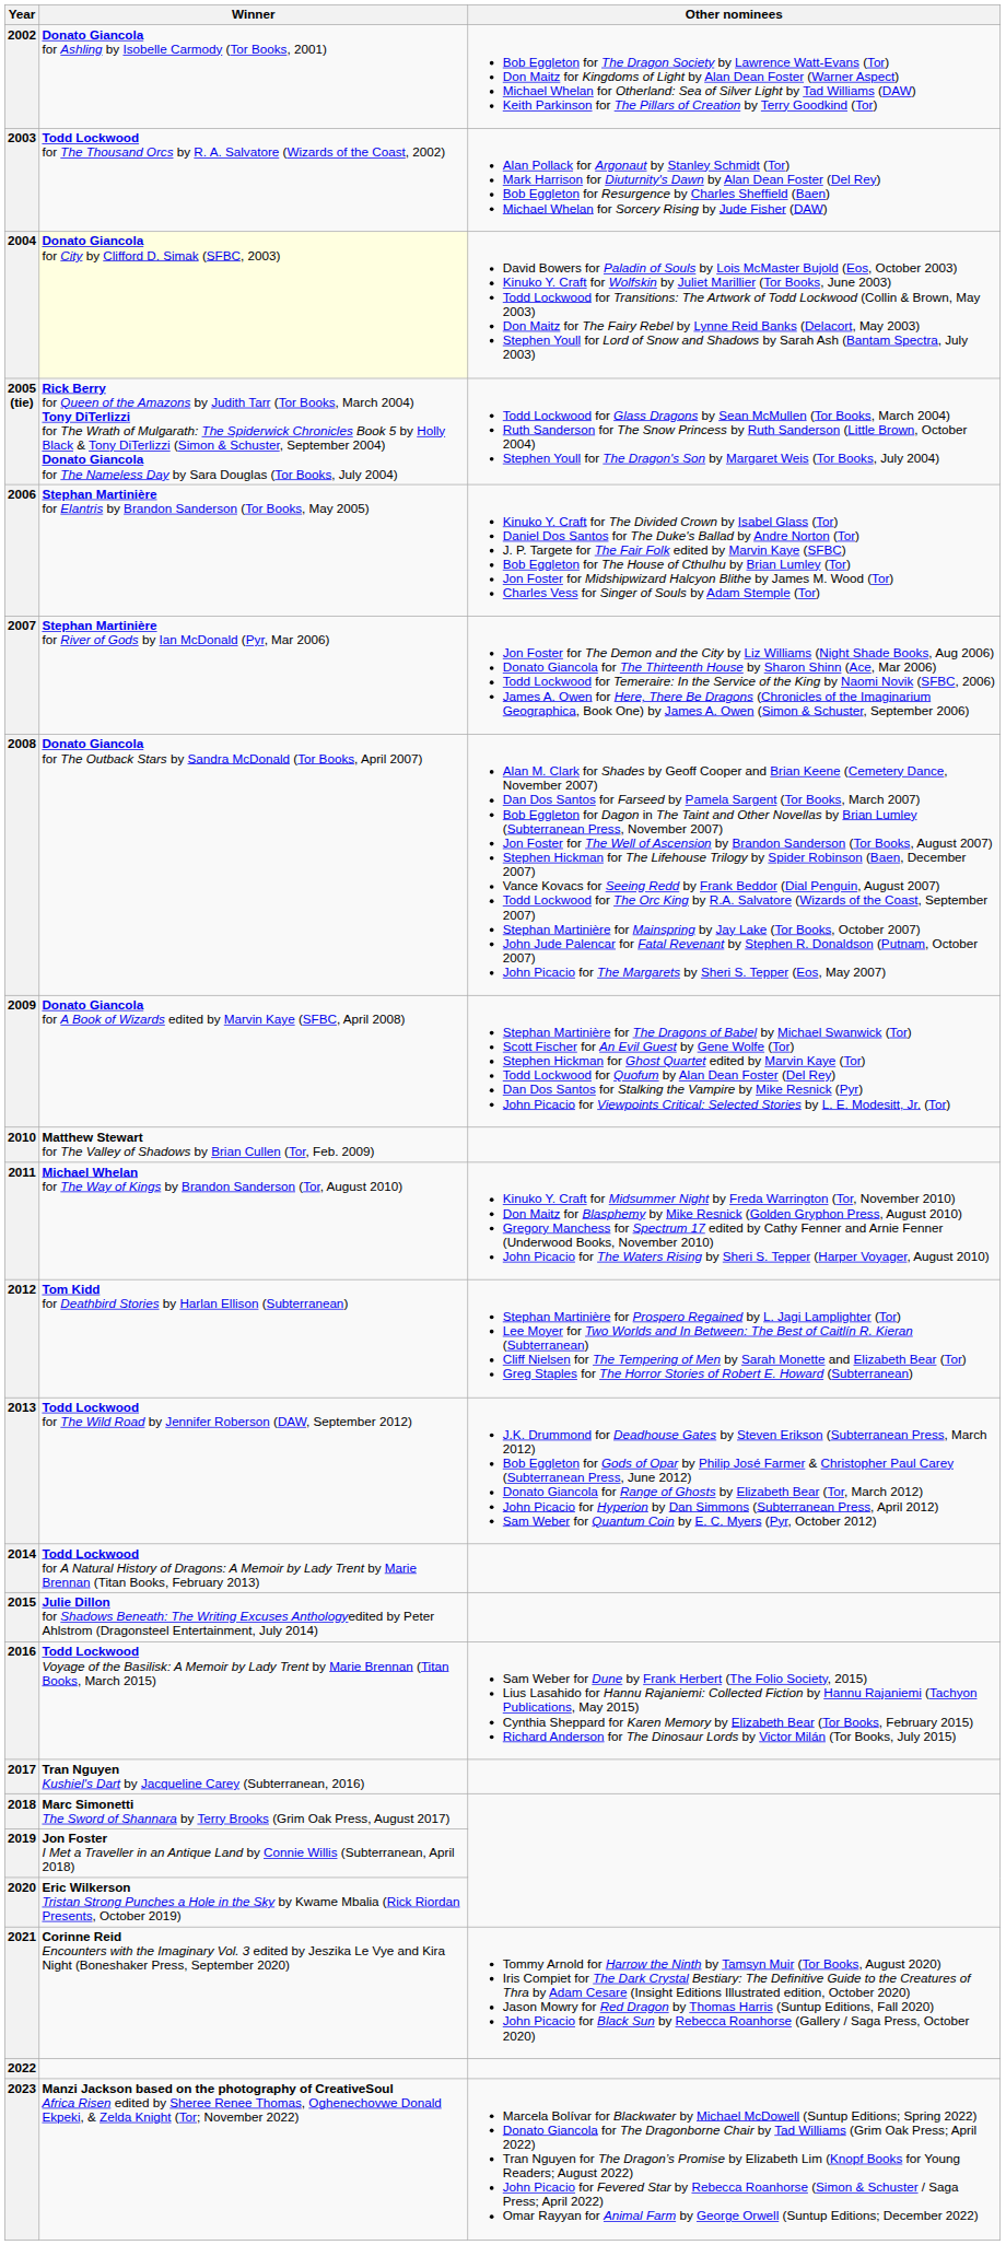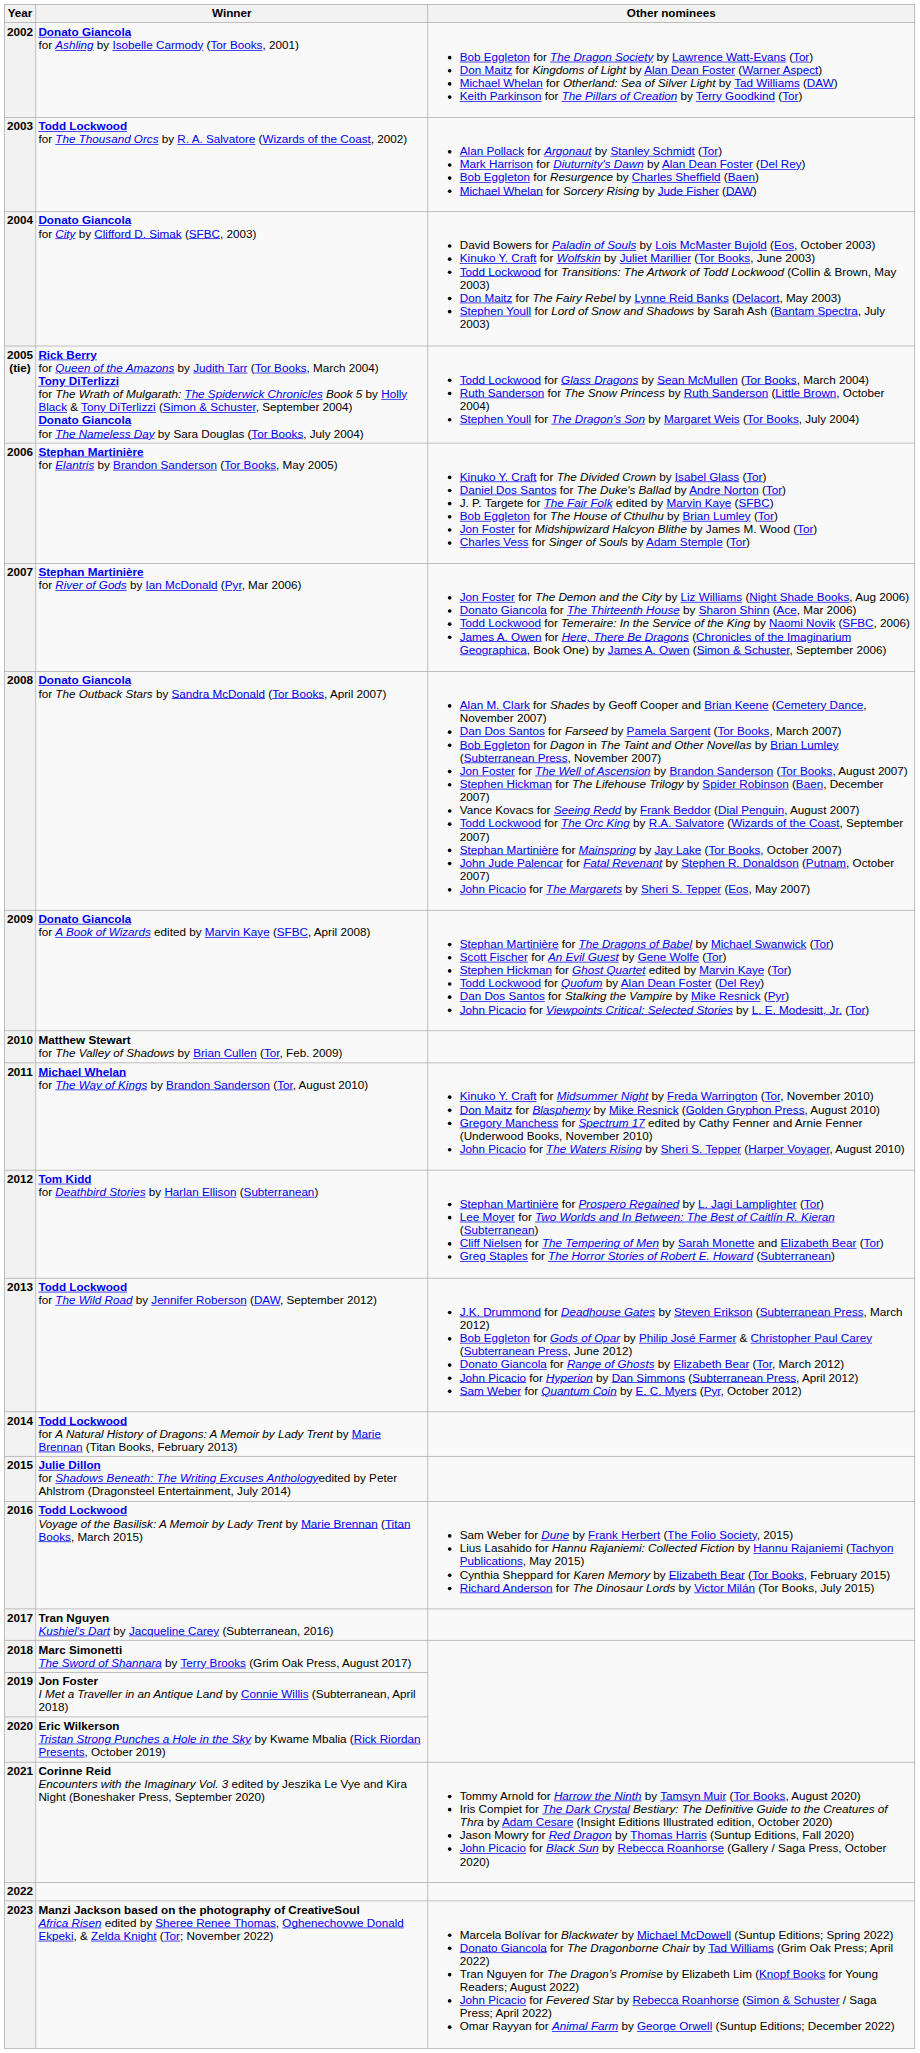 <table class="wikitable">
 <tr>
 <th>Year</th>
 <th>Winner</th>
 <th>Other nominees</th>
 </tr>
 <tr style="vertical-align:top;">
 <th>2002</th>
 <td><strong><a href='#'>Donato Giancola</a></strong> <br> for <em><a href='#'>Ashling</a></em> by <a href='#'>Isobelle Carmody</a> (<a href='#'>Tor Books</a>, 2001)</td>
 <td><br><ul><li><a href='#'>Bob Eggleton</a> for <em><a href='#'>The Dragon Society</a></em> by <a href='#'>Lawrence Watt-Evans</a> (<a href='#'>Tor</a>)</li><li><a href='#'>Don Maitz</a> for <em>Kingdoms of Light</em> by <a href='#'>Alan Dean Foster</a> (<a href='#'>Warner Aspect</a>)</li><li><a href='#'>Michael Whelan</a> for <em>Otherland: Sea of Silver Light</em> by <a href='#'>Tad Williams</a> (<a href='#'>DAW</a>)</li><li><a href='#'>Keith Parkinson</a> for <em><a href='#'>The Pillars of Creation</a></em> by <a href='#'>Terry Goodkind</a> (<a href='#'>Tor</a>)</li></ul></td>
 </tr>
 <tr style="vertical-align:top;">
 <th>2003</th>
 <td><strong><a href='#'>Todd Lockwood</a></strong> <br> for <em><a href='#'>The Thousand Orcs</a></em> by <a href='#'>R. A. Salvatore</a> (<a href='#'>Wizards of the Coast</a>, 2002)</td>
 <td><br><ul><li><a href='#'>Alan Pollack</a> for <em><a href='#'>Argonaut</a></em> by <a href='#'>Stanley Schmidt</a> (<a href='#'>Tor</a>)</li><li><a href='#'>Mark Harrison</a> for <em><a href='#'>Diuturnity's Dawn</a></em> by <a href='#'>Alan Dean Foster</a> (<a href='#'>Del Rey</a>)</li><li><a href='#'>Bob Eggleton</a> for <em>Resurgence</em> by <a href='#'>Charles Sheffield</a> (<a href='#'>Baen</a>)</li><li><a href='#'>Michael Whelan</a> for <em>Sorcery Rising</em> by <a href='#'>Jude Fisher</a> (<a href='#'>DAW</a>)</li></ul></td>
 </tr>
 <tr style="vertical-align:top;">
 <th>2004</th>
-<td style="background: lightyellow;"><strong><a href='#'>Donato Giancola</a></strong> <br> for <em><a href='#'>City</a></em> by <a href='#'>Clifford D. Simak</a> (<a href='#'>SFBC</a>, 2003)</td>
+<td><strong><a href='#'>Donato Giancola</a></strong> <br> for <em><a href='#'>City</a></em> by <a href='#'>Clifford D. Simak</a> (<a href='#'>SFBC</a>, 2003)</td>
 <td><br><ul><li>David Bowers for <em><a href='#'>Paladin of Souls</a></em> by <a href='#'>Lois McMaster Bujold</a> (<a href='#'>Eos</a>, October 2003)</li><li><a href='#'>Kinuko Y. Craft</a> for <em><a href='#'>Wolfskin</a></em> by <a href='#'>Juliet Marillier</a> (<a href='#'>Tor Books</a>, June 2003)</li><li><a href='#'>Todd Lockwood</a> for <em>Transitions: The Artwork of Todd Lockwood</em> (Collin & Brown, May 2003)</li><li><a href='#'>Don Maitz</a> for <em>The Fairy Rebel</em> by <a href='#'>Lynne Reid Banks</a> (<a href='#'>Delacort</a>, May 2003)</li><li><a href='#'>Stephen Youll</a> for <em>Lord of Snow and Shadows</em> by Sarah Ash (<a href='#'>Bantam Spectra</a>, July 2003)</li></ul></td>
 </tr>
 <tr style="vertical-align:top;">
 <th>2005<br>(tie)</th>
 <td><strong><a href='#'>Rick Berry</a></strong> <br> for <em><a href='#'>Queen of the Amazons</a></em> by <a href='#'>Judith Tarr</a> (<a href='#'>Tor Books</a>, March 2004) <br> <strong><a href='#'>Tony DiTerlizzi</a></strong> <br> for <em>The Wrath of Mulgarath: <a href='#'>The Spiderwick Chronicles</a> Book 5</em> by <a href='#'>Holly Black</a> & <a href='#'>Tony DiTerlizzi</a> (<a href='#'>Simon & Schuster</a>, September 2004) <br> <strong><a href='#'>Donato Giancola</a></strong> <br> for <em><a href='#'>The Nameless Day</a></em> by Sara Douglas (<a href='#'>Tor Books</a>, July 2004)</td>
 <td><br><ul><li><a href='#'>Todd Lockwood</a> for <em><a href='#'>Glass Dragons</a></em> by <a href='#'>Sean McMullen</a> (<a href='#'>Tor Books</a>, March 2004)</li><li><a href='#'>Ruth Sanderson</a> for <em>The Snow Princess</em> by <a href='#'>Ruth Sanderson</a> (<a href='#'>Little Brown</a>, October 2004)</li><li><a href='#'>Stephen Youll</a> for <em><a href='#'>The Dragon's Son</a></em> by <a href='#'>Margaret Weis</a> (<a href='#'>Tor Books</a>, July 2004)</li></ul></td>
 </tr>
 <tr style="vertical-align:top;">
 <th>2006</th>
 <td><strong><a href='#'>Stephan Martinière</a></strong> <br> for <em><a href='#'>Elantris</a></em> by <a href='#'>Brandon Sanderson</a> (<a href='#'>Tor Books</a>, May 2005)</td>
 <td><br><ul><li><a href='#'>Kinuko Y. Craft</a> for <em>The Divided Crown</em> by <a href='#'>Isabel Glass</a> (<a href='#'>Tor</a>)</li><li><a href='#'>Daniel Dos Santos</a> for <em>The Duke's Ballad</em> by <a href='#'>Andre Norton</a> (<a href='#'>Tor</a>)</li><li>J. P. Targete for <em><a href='#'>The Fair Folk</a></em> edited by <a href='#'>Marvin Kaye</a> (<a href='#'>SFBC</a>)</li><li><a href='#'>Bob Eggleton</a> for <em>The House of Cthulhu</em> by <a href='#'>Brian Lumley</a> (<a href='#'>Tor</a>)</li><li><a href='#'>Jon Foster</a> for <em>Midshipwizard Halcyon Blithe</em> by James M. Wood (<a href='#'>Tor</a>)</li><li><a href='#'>Charles Vess</a> for <em>Singer of Souls</em> by <a href='#'>Adam Stemple</a> (<a href='#'>Tor</a>)</li></ul></td>
 </tr>
 <tr style="vertical-align:top;">
 <th>2007</th>
 <td><strong><a href='#'>Stephan Martinière</a></strong><br>for <em><a href='#'>River of Gods</a></em> by <a href='#'>Ian McDonald</a> (<a href='#'>Pyr</a>, Mar 2006)</td>
 <td><br><ul><li><a href='#'>Jon Foster</a> for <em>The Demon and the City</em> by <a href='#'>Liz Williams</a> (<a href='#'>Night Shade Books</a>, Aug 2006)</li><li><a href='#'>Donato Giancola</a> for <em><a href='#'>The Thirteenth House</a></em> by <a href='#'>Sharon Shinn</a> (<a href='#'>Ace</a>, Mar 2006)</li><li><a href='#'>Todd Lockwood</a> for <em>Temeraire: In the Service of the King</em> by <a href='#'>Naomi Novik</a> (<a href='#'>SFBC</a>, 2006)</li><li><a href='#'>James A. Owen</a> for <em><a href='#'>Here, There Be Dragons</a></em> (<a href='#'>Chronicles of the Imaginarium Geographica</a>, Book One) by <a href='#'>James A. Owen</a> (<a href='#'>Simon & Schuster</a>, September 2006)</li></ul></td>
 </tr>
 <tr style="vertical-align:top;">
 <th>2008</th>
 <td><strong><a href='#'>Donato Giancola</a></strong><br>for <em>The Outback Stars</em> by <a href='#'>Sandra McDonald</a> (<a href='#'>Tor Books</a>, April 2007)</td>
 <td><br><ul><li><a href='#'>Alan M. Clark</a> for <em>Shades</em> by Geoff Cooper and <a href='#'>Brian Keene</a> (<a href='#'>Cemetery Dance</a>, November 2007)</li><li><a href='#'>Dan Dos Santos</a> for <em>Farseed</em> by <a href='#'>Pamela Sargent</a> (<a href='#'>Tor Books</a>, March 2007)</li><li><a href='#'>Bob Eggleton</a> for <em>Dagon</em> in <em>The Taint and Other Novellas</em> by <a href='#'>Brian Lumley</a> (<a href='#'>Subterranean Press</a>, November 2007)</li><li><a href='#'>Jon Foster</a> for <em><a href='#'>The Well of Ascension</a></em> by <a href='#'>Brandon Sanderson</a> (<a href='#'>Tor Books</a>, August 2007)</li><li><a href='#'>Stephen Hickman</a> for <em>The Lifehouse Trilogy</em> by <a href='#'>Spider Robinson</a> (<a href='#'>Baen</a>, December 2007)</li><li>Vance Kovacs for <em><a href='#'>Seeing Redd</a></em> by <a href='#'>Frank Beddor</a> (<a href='#'>Dial Penguin</a>, August 2007)</li><li><a href='#'>Todd Lockwood</a> for <em><a href='#'>The Orc King</a></em> by <a href='#'>R.A. Salvatore</a> (<a href='#'>Wizards of the Coast</a>, September 2007)</li><li><a href='#'>Stephan Martinière</a> for <em><a href='#'>Mainspring</a></em> by <a href='#'>Jay Lake</a> (<a href='#'>Tor Books</a>, October 2007)</li><li><a href='#'>John Jude Palencar</a> for <em><a href='#'>Fatal Revenant</a></em> by <a href='#'>Stephen R. Donaldson</a> (<a href='#'>Putnam</a>, October 2007)</li><li><a href='#'>John Picacio</a> for <em><a href='#'>The Margarets</a></em> by <a href='#'>Sheri S. Tepper</a> (<a href='#'>Eos</a>, May 2007)</li></ul></td>
 </tr>
 <tr style="vertical-align:top;">
 <th>2009</th>
 <td><strong><a href='#'>Donato Giancola</a></strong><br>for <em><a href='#'>A Book of Wizards</a></em> edited by <a href='#'>Marvin Kaye</a> (<a href='#'>SFBC</a>, April 2008)</td>
 <td><br><ul><li><a href='#'>Stephan Martinière</a> for <em><a href='#'>The Dragons of Babel</a></em> by <a href='#'>Michael Swanwick</a> (<a href='#'>Tor</a>)</li><li><a href='#'>Scott Fischer</a> for <em><a href='#'>An Evil Guest</a></em> by <a href='#'>Gene Wolfe</a> (<a href='#'>Tor</a>)</li><li><a href='#'>Stephen Hickman</a> for <em><a href='#'>Ghost Quartet</a></em> edited by <a href='#'>Marvin Kaye</a> (<a href='#'>Tor</a>)</li><li><a href='#'>Todd Lockwood</a> for <em><a href='#'>Quofum</a></em> by <a href='#'>Alan Dean Foster</a> (<a href='#'>Del Rey</a>)</li><li><a href='#'>Dan Dos Santos</a> for <em>Stalking the Vampire</em> by <a href='#'>Mike Resnick</a> (<a href='#'>Pyr</a>)</li><li><a href='#'>John Picacio</a> for <em><a href='#'>Viewpoints Critical: Selected Stories</a></em> by <a href='#'>L. E. Modesitt, Jr.</a> (<a href='#'>Tor</a>)</li></ul></td>
 </tr>
 <tr style="vertical-align:top;">
 <th>2010</th>
 <td><strong>Matthew Stewart</strong><br>for <em>The Valley of Shadows</em> by <a href='#'>Brian Cullen</a> (<a href='#'>Tor</a>, Feb. 2009)</td>
 <td><br></td>
 </tr>
 <tr style="vertical-align:top;">
 <th>2011</th>
 <td><strong><a href='#'>Michael Whelan</a></strong><br>for <em><a href='#'>The Way of Kings</a></em> by <a href='#'>Brandon Sanderson</a> (<a href='#'>Tor</a>, August 2010)</td>
 <td><br><ul><li><a href='#'>Kinuko Y. Craft</a> for <em><a href='#'>Midsummer Night</a></em> by <a href='#'>Freda Warrington</a> (<a href='#'>Tor</a>, November 2010)</li><li><a href='#'>Don Maitz</a> for <em><a href='#'>Blasphemy</a></em> by <a href='#'>Mike Resnick</a> (<a href='#'>Golden Gryphon Press</a>, August 2010)</li><li><a href='#'>Gregory Manchess</a> for <em><a href='#'>Spectrum 17</a></em> edited by Cathy Fenner and Arnie Fenner (Underwood Books, November 2010)</li><li><a href='#'>John Picacio</a> for <em><a href='#'>The Waters Rising</a></em> by <a href='#'>Sheri S. Tepper</a> (<a href='#'>Harper Voyager</a>, August 2010)</li></ul></td>
 </tr>
 <tr style="vertical-align:top;">
 <th>2012</th>
 <td><strong><a href='#'>Tom Kidd</a></strong><br>for <em><a href='#'>Deathbird Stories</a></em> by <a href='#'>Harlan Ellison</a> (<a href='#'>Subterranean</a>)</td>
 <td><br><ul><li><a href='#'>Stephan Martinière</a> for <em><a href='#'>Prospero Regained</a></em> by <a href='#'>L. Jagi Lamplighter</a> (<a href='#'>Tor</a>)</li><li><a href='#'>Lee Moyer</a> for <em><a href='#'>Two Worlds and In Between: The Best of Caitlín R. Kieran</a></em> (<a href='#'>Subterranean</a>)</li><li><a href='#'>Cliff Nielsen</a> for <em><a href='#'>The Tempering of Men</a></em> by <a href='#'>Sarah Monette</a> and <a href='#'>Elizabeth Bear</a> (<a href='#'>Tor</a>)</li><li><a href='#'>Greg Staples</a> for <em><a href='#'>The Horror Stories of Robert E. Howard</a></em> (<a href='#'>Subterranean</a>)</li></ul></td>
 </tr>
 <tr style="vertical-align:top;">
 <th>2013</th>
 <td><strong><a href='#'>Todd Lockwood</a></strong><br>for <em><a href='#'>The Wild Road</a></em> by <a href='#'>Jennifer Roberson</a> (<a href='#'>DAW</a>, September 2012)</td>
 <td><br><ul><li><a href='#'>J.K. Drummond</a> for <em><a href='#'>Deadhouse Gates</a></em> by <a href='#'>Steven Erikson</a> (<a href='#'>Subterranean Press</a>, March 2012)</li><li><a href='#'>Bob Eggleton</a> for <em><a href='#'>Gods of Opar</a></em> by <a href='#'>Philip José Farmer</a> & <a href='#'>Christopher Paul Carey</a> (<a href='#'>Subterranean Press</a>, June 2012)</li><li><a href='#'>Donato Giancola</a> for <em><a href='#'>Range of Ghosts</a></em> by <a href='#'>Elizabeth Bear</a> (<a href='#'>Tor</a>, March 2012)</li><li><a href='#'>John Picacio</a> for <em><a href='#'>Hyperion</a></em> by <a href='#'>Dan Simmons</a> (<a href='#'>Subterranean Press</a>, April 2012)</li><li><a href='#'>Sam Weber</a> for <em><a href='#'>Quantum Coin</a></em> by <a href='#'>E. C. Myers</a> (<a href='#'>Pyr</a>, October 2012)</li></ul></td>
 </tr>
 <tr style="vertical-align:top;">
 <th>2014</th>
 <td><strong><a href='#'>Todd Lockwood</a></strong><br>for <em>A Natural History of Dragons: A Memoir by Lady Trent</em> by <a href='#'>Marie Brennan</a> (Titan Books, February 2013)</td>
 <td><br></td>
 </tr>
 <tr style="vertical-align:top;">
 <th>2015</th>
 <td><strong><a href='#'>Julie Dillon</a></strong><br>for <em><a href='#'>Shadows Beneath: The Writing Excuses Anthology</a></em>edited by Peter Ahlstrom (Dragonsteel Entertainment, July 2014)</td>
 <td><br></td>
 </tr>
 <tr style="vertical-align:top;">
 <th>2016</th>
 <td><strong><a href='#'>Todd Lockwood</a></strong><br><em>Voyage of the Basilisk: A Memoir by Lady Trent</em> by <a href='#'>Marie Brennan</a> (<a href='#'>Titan Books</a>, March 2015)</td>
 <td><br><ul><li>Sam Weber for <em><a href='#'>Dune</a></em> by <a href='#'>Frank Herbert</a> (<a href='#'>The Folio Society</a>, 2015)</li><li>Lius Lasahido for <em>Hannu Rajaniemi: Collected Fiction</em> by <a href='#'>Hannu Rajaniemi</a> (<a href='#'>Tachyon Publications</a>, May 2015)</li><li>Cynthia Sheppard for <em>Karen Memory</em> by <a href='#'>Elizabeth Bear</a> (<a href='#'>Tor Books</a>, February 2015)</li><li><a href='#'>Richard Anderson</a> for <em>The Dinosaur Lords</em> by <a href='#'>Victor Milán</a> (Tor Books, July 2015)</li></ul></td>
 </tr>
 <tr style="vertical-align:top;">
 <th>2017</th>
 <td><strong>Tran Nguyen</strong><br><em><a href='#'>Kushiel's Dart</a></em> by <a href='#'>Jacqueline Carey</a> (Subterranean, 2016)</td>
 <td><br></td>
 </tr>
 <tr style="vertical-align:top;">
 <th>2018</th>
 <td><strong>Marc Simonetti</strong><br><em><a href='#'>The Sword of Shannara</a></em> by <a href='#'>Terry Brooks</a> (Grim Oak Press, August 2017)<br></td>
 </tr>
 <tr style="vertical-align:top;">
 <th>2019</th>
 <td><strong>Jon Foster</strong><br><em>I Met a Traveller in an Antique Land</em> by <a href='#'>Connie Willis</a> (Subterranean, April 2018)<br></td>
 </tr>
 <tr style="vertical-align:top;">
 <th>2020</th>
 <td><strong>Eric Wilkerson</strong><br><em><a href='#'>Tristan Strong Punches a Hole in the Sky</a></em> by Kwame Mbalia (<a href='#'>Rick Riordan Presents</a>, October 2019)<br></td>
 </tr>
 <tr style="vertical-align:top;">
 <th>2021</th>
 <td><strong>Corinne Reid</strong> <br> <em>Encounters with the Imaginary Vol. 3</em> edited by Jeszika Le Vye and Kira Night (Boneshaker Press, September 2020)</td>
 <td><br><ul><li>Tommy Arnold for <em><a href='#'>Harrow the Ninth</a></em> by <a href='#'>Tamsyn Muir</a> (<a href='#'>Tor Books</a>, August 2020)</li><li>Iris Compiet for <em><a href='#'>The Dark Crystal</a> Bestiary: The Definitive Guide to the Creatures of Thra</em> by <a href='#'>Adam Cesare</a> (Insight Editions Illustrated edition, October 2020)</li><li>Jason Mowry for <em><a href='#'>Red Dragon</a></em> by <a href='#'>Thomas Harris</a> (Suntup Editions, Fall 2020)</li><li><a href='#'>John Picacio</a> for <em><a href='#'>Black Sun</a></em> by <a href='#'>Rebecca Roanhorse</a> (Gallery / Saga Press, October 2020)</li></ul></td>
 </tr>
 <tr>
 <th>2022</th>
 <td></td>
 </tr>
 <tr style="vertical-align:top;">
 <th>2023</th>
 <td><strong>Manzi Jackson based on the photography of CreativeSoul</strong> <br> <em><a href='#'>Africa Risen</a></em> edited by <a href='#'>Sheree Renee Thomas</a>, <a href='#'>Oghenechovwe Donald Ekpeki</a>, & <a href='#'>Zelda Knight</a> (<a href='#'>Tor</a>; November 2022)</td>
 <td><br><ul><li>Marcela Bolívar for <em>Blackwater</em> by <a href='#'>Michael McDowell</a> (Suntup Editions; Spring 2022)</li><li><a href='#'>Donato Giancola</a> for <em>The Dragonborne Chair</em> by <a href='#'>Tad Williams</a> (Grim Oak Press; April 2022)</li><li>Tran Nguyen for <em>The Dragon’s Promise</em> by Elizabeth Lim (<a href='#'>Knopf Books</a> for Young Readers; August 2022)</li><li><a href='#'>John Picacio</a> for <em>Fevered Star</em> by <a href='#'>Rebecca Roanhorse</a> (<a href='#'>Simon & Schuster</a> / Saga Press; April 2022)</li><li>Omar Rayyan for <em><a href='#'>Animal Farm</a></em> by <a href='#'>George Orwell</a> (Suntup Editions; December 2022)</li></ul></td>
 </tr>
 </table>
